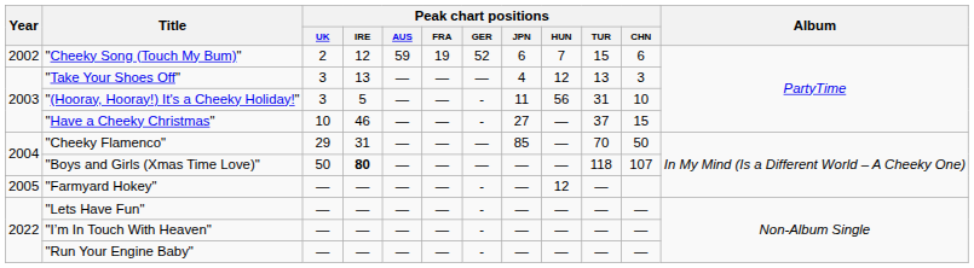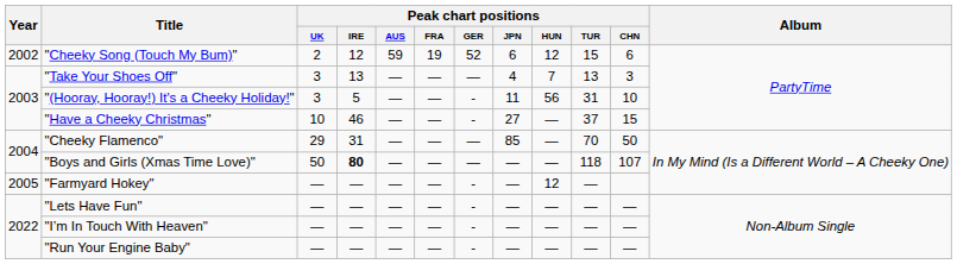 <table class="wikitable">
 <tr>
 <th rowspan="2">Year</th>
 <th rowspan="2">Title</th>
 <th colspan="9">Peak chart positions</th>
 <th rowspan="2">Album</th>
 </tr>
 <tr style=font-size:smaller>
 <th width="40"><small><a href='#'>UK</a></small></th>
 <th width="40"><small>IRE</small></th>
 <th width="40"><small><a href='#'>AUS</a></small><br></th>
 <th width="40"><small>FRA</small></th>
 <th width="40"><small>GER</small></th>
 <th width="40"><small>JPN</small></th>
 <th width="40"><small>HUN</small></th>
 <th width="40"><small>TUR</small></th>
 <th width="40"><small>CHN</small></th>
 </tr>
 <tr>
 <td style="text-align:center;">2002</td>
 <td>"<a href='#'>Cheeky Song (Touch My Bum)</a>"</td>
 <td style="text-align:center;">2</td>
 <td style="text-align:center;">12</td>
 <td style="text-align:center;">59</td>
 <td style="text-align:center;">19</td>
 <td style="text-align:center;">52</td>
 <td style="text-align:center;">6</td>
-<td style="text-align:center;">7</td>
+<td style="text-align:center;">12</td>
 <td style="text-align:center;">15</td>
 <td style="text-align:center;">6</td>
 <td style="text-align:center;" rowspan="4"><em><a href='#'>PartyTime</a></em></td>
 </tr>
 <tr>
 <td style="text-align:center;" rowspan="3">2003</td>
 <td>"<a href='#'>Take Your Shoes Off</a>"</td>
 <td style="text-align:center;">3</td>
 <td style="text-align:center;">13</td>
 <td style="text-align:center;">—</td>
 <td style="text-align:center;">—</td>
 <td style="text-align:center;">—</td>
 <td style="text-align:center;">4</td>
-<td style="text-align:center;">12</td>
+<td style="text-align:center;">7</td>
 <td style="text-align:center;">13</td>
 <td style="text-align:center;">3</td>
 </tr>
 <tr>
 <td>"<a href='#'>(Hooray, Hooray!) It's a Cheeky Holiday!</a>"</td>
 <td style="text-align:center;">3</td>
 <td style="text-align:center;">5</td>
 <td style="text-align:center;">—</td>
 <td style="text-align:center;">—</td>
 <td style="text-align:center;">-</td>
 <td style="text-align:center;">11</td>
 <td style="text-align:center;">56</td>
 <td style="text-align:center;">31</td>
 <td style="text-align:center;">10</td>
 </tr>
 <tr>
 <td>"<a href='#'>Have a Cheeky Christmas</a>"</td>
 <td style="text-align:center;">10</td>
 <td style="text-align:center;">46</td>
 <td style="text-align:center;">—</td>
 <td style="text-align:center;">—</td>
 <td style="text-align:center;">-</td>
 <td style="text-align:center;">27</td>
 <td style="text-align:center;">—</td>
 <td style="text-align:center;">37</td>
 <td style="text-align:center;">15</td>
 </tr>
 <tr>
 <td style="text-align:center;" rowspan="2">2004</td>
 <td>"Cheeky Flamenco"</td>
 <td style="text-align:center;">29</td>
 <td style="text-align:center;">31</td>
 <td style="text-align:center;">—</td>
 <td style="text-align:center;">—</td>
 <td style="text-align:center;">—</td>
 <td style="text-align:center;">85</td>
 <td style="text-align:center;">—</td>
 <td style="text-align:center;">70</td>
 <td style="text-align:center;">50</td>
 <td style="text-align:center;" rowspan="3"><em>In My Mind (Is a Different World – A Cheeky One)</em></td>
 </tr>
 <tr>
 <td>"Boys and Girls (Xmas Time Love)"</td>
 <td style="text-align:center;">50</td>
 <td style="text-align:center;"><strong>80</strong></td>
 <td style="text-align:center;">—</td>
 <td style="text-align:center;">—</td>
 <td style="text-align:center;">—</td>
 <td style="text-align:center;">—</td>
 <td style="text-align:center;">—</td>
 <td style="text-align:center;">118</td>
 <td style="text-align:center;">107</td>
 </tr>
 <tr>
 <td style="text-align:center;">2005</td>
 <td>"Farmyard Hokey"</td>
 <td style="text-align:center;">—</td>
 <td style="text-align:center;">—</td>
 <td style="text-align:center;">—</td>
 <td style="text-align:center;">—</td>
 <td style="text-align:center;">-</td>
 <td style="text-align:center;">—</td>
 <td style="text-align:center;">12</td>
 <td style="text-align:center;">—</td>
 </tr>
 <tr>
 <td style="text-align:center;" rowspan="3">2022</td>
 <td>"Lets Have Fun"</td>
 <td style="text-align:center;">—</td>
 <td style="text-align:center;">—</td>
 <td style="text-align:center;">—</td>
 <td style="text-align:center;">—</td>
 <td style="text-align:center;">-</td>
 <td style="text-align:center;">—</td>
 <td style="text-align:center;">—</td>
 <td style="text-align:center;">—</td>
 <td style="text-align:center;">—</td>
 <td style="text-align:center;" rowspan="3”"><em>Non-Album Single</em></td>
 </tr>
 <tr>
 <td>"I’m In Touch With Heaven"</td>
 <td style="text-align:center;">—</td>
 <td style="text-align:center;">—</td>
 <td style="text-align:center;">—</td>
 <td style="text-align:center;">—</td>
 <td style="text-align:center;">-</td>
 <td style="text-align:center;">—</td>
 <td style="text-align:center;">—</td>
 <td style="text-align:center;">—</td>
 <td style="text-align:center;">—</td>
 </tr>
 <tr>
 <td>"Run Your Engine Baby"</td>
 <td style="text-align:center;">—</td>
 <td style="text-align:center;">—</td>
 <td style="text-align:center;">—</td>
 <td style="text-align:center;">—</td>
 <td style="text-align:center;">-</td>
 <td style="text-align:center;">—</td>
 <td style="text-align:center;">—</td>
 <td style="text-align:center;">—</td>
 <td style="text-align:center;">—</td>
 </tr>
 </table>
